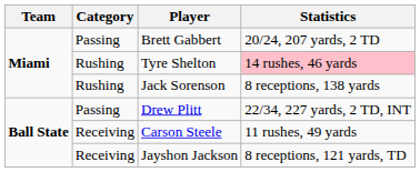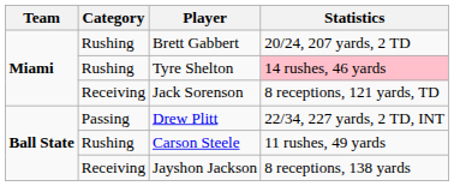 <table class="wikitable" style="float: left;">
 <tr>
 <th>Team</th>
 <th>Category</th>
 <th>Player</th>
 <th>Statistics</th>
 </tr>
 <tr>
 <td rowspan=3><strong>Miami</strong></td>
-<td>Passing</td>
+<td>Rushing</td>
 <td>Brett Gabbert</td>
 <td>20/24, 207 yards, 2 TD</td>
 </tr>
 <tr>
 <td>Rushing</td>
 <td>Tyre Shelton</td>
 <td style="background: pink;">14 rushes, 46 yards</td>
 </tr>
 <tr>
-<td>Rushing</td>
+<td>Receiving</td>
 <td>Jack Sorenson</td>
-<td>8 receptions, 138 yards</td>
+<td>8 receptions, 121 yards, TD</td>
 </tr>
 <tr>
 <td rowspan=3><strong>Ball State</strong></td>
 <td>Passing</td>
 <td><a href='#'>Drew Plitt</a></td>
 <td>22/34, 227 yards, 2 TD, INT</td>
 </tr>
 <tr>
-<td>Receiving</td>
+<td>Rushing</td>
 <td><a href='#'>Carson Steele</a></td>
 <td>11 rushes, 49 yards</td>
 </tr>
 <tr>
 <td>Receiving</td>
 <td>Jayshon Jackson</td>
-<td>8 receptions, 121 yards, TD</td>
+<td>8 receptions, 138 yards</td>
 </tr>
 </table>
